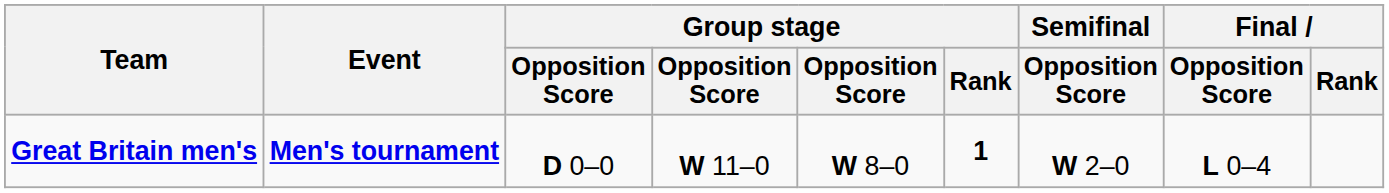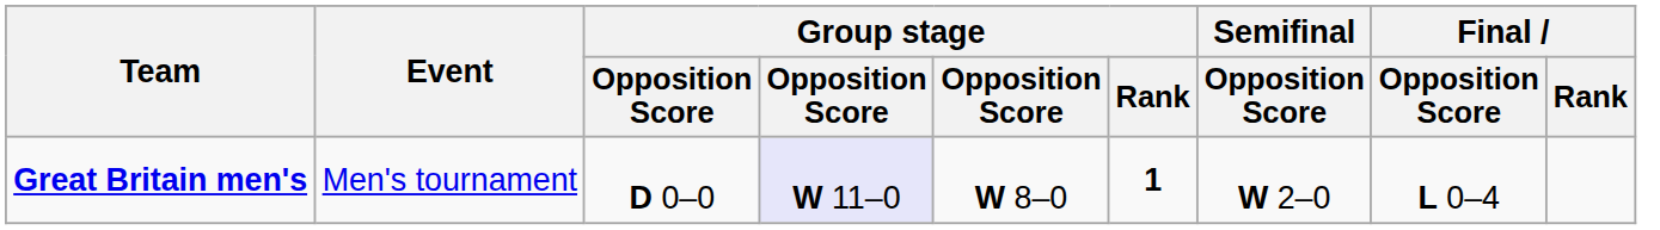 <table class="wikitable" style="font-size:90%">
 <tr>
 <th rowspan=2>Team</th>
 <th rowspan=2>Event</th>
 <th colspan=4>Group stage</th>
 <th>Semifinal</th>
 <th colspan=2>Final / </th>
 </tr>
 <tr style="font-size:95%">
 <th>Opposition<br>Score</th>
 <th>Opposition<br>Score</th>
 <th>Opposition<br>Score</th>
 <th>Rank</th>
 <th>Opposition<br>Score</th>
 <th>Opposition<br>Score</th>
 <th>Rank</th>
 </tr>
 <tr align=center>
 <td align=left><strong><a href='#'>Great Britain men's</a></strong></td>
-<td align=left><strong><a href='#'>Men's tournament</a></strong></td>
+<td align=left><a href='#'>Men's tournament</a></td>
 <td><br><strong>D</strong> 0–0</td>
-<td><br><strong>W</strong> 11–0</td>
+<td style="background: lavender;"><br><strong>W</strong> 11–0</td>
 <td><br><strong>W</strong> 8–0</td>
 <td><strong>1</strong></td>
 <td><br><strong>W</strong> 2–0</td>
 <td><br><strong>L</strong> 0–4</td>
 <td></td>
 </tr>
 </table>
